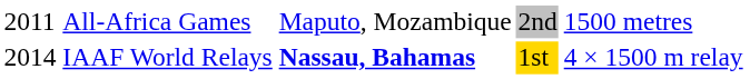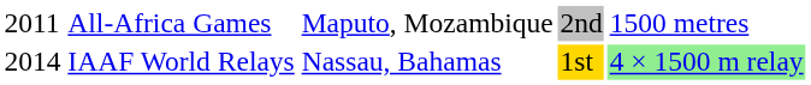 <table>
 <tr>
 <td>2011</td>
 <td><a href='#'>All-Africa Games</a></td>
 <td><a href='#'>Maputo</a>, Mozambique</td>
 <td bgcolor=silver>2nd</td>
 <td><a href='#'>1500 metres</a></td>
 <td></td>
 </tr>
 <tr>
 <td>2014</td>
 <td><a href='#'>IAAF World Relays</a></td>
-<td><strong><a href='#'>Nassau, Bahamas</a></strong></td>
+<td><a href='#'>Nassau, Bahamas</a></td>
 <td bgcolor=gold>1st</td>
-<td><a href='#'>4 × 1500 m relay</a></td>
+<td style="background: lightgreen;"><a href='#'>4 × 1500 m relay</a></td>
 <td></td>
 </tr>
 </table>
